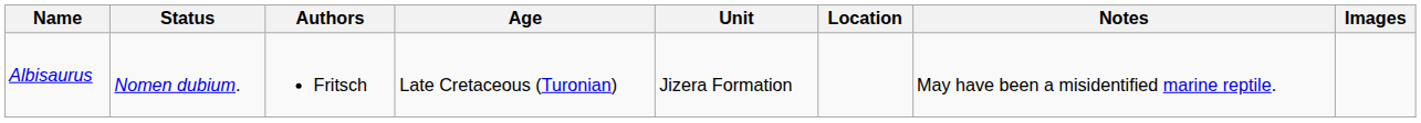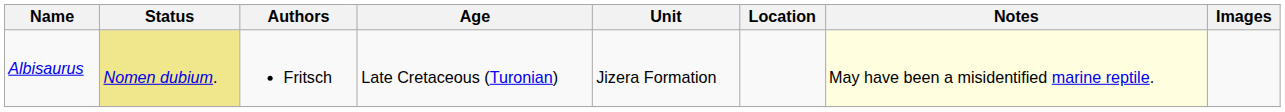 <table class="wikitable sortable" align="center" width="100%">
 <tr>
 <th>Name</th>
 <th>Status</th>
 <th colspan="2">Authors</th>
 <th>Age</th>
 <th>Unit</th>
 <th>Location</th>
 <th class="unsortable">Notes</th>
 <th class="unsortable">Images</th>
 </tr>
 <tr>
 <td><em><a href='#'>Albisaurus</a></em></td>
-<td><br><em><a href='#'>Nomen dubium</a></em>.</td>
+<td style="background: khaki;"><br><em><a href='#'>Nomen dubium</a></em>.</td>
 <td style="border-right:0px" valign="top"><br><ul><li>Fritsch</li></ul></td>
 <td style="border-left:0px" valign="top"></td>
 <td><br>Late Cretaceous (<a href='#'>Turonian</a>)</td>
 <td><br>Jizera Formation</td>
 <td><br></td>
-<td><br>May have been a misidentified <a href='#'>marine reptile</a>.</td>
+<td style="background: lightyellow;"><br>May have been a misidentified <a href='#'>marine reptile</a>.</td>
 <td></td>
 </tr>
 <tr>
 </tr>
 </table>
